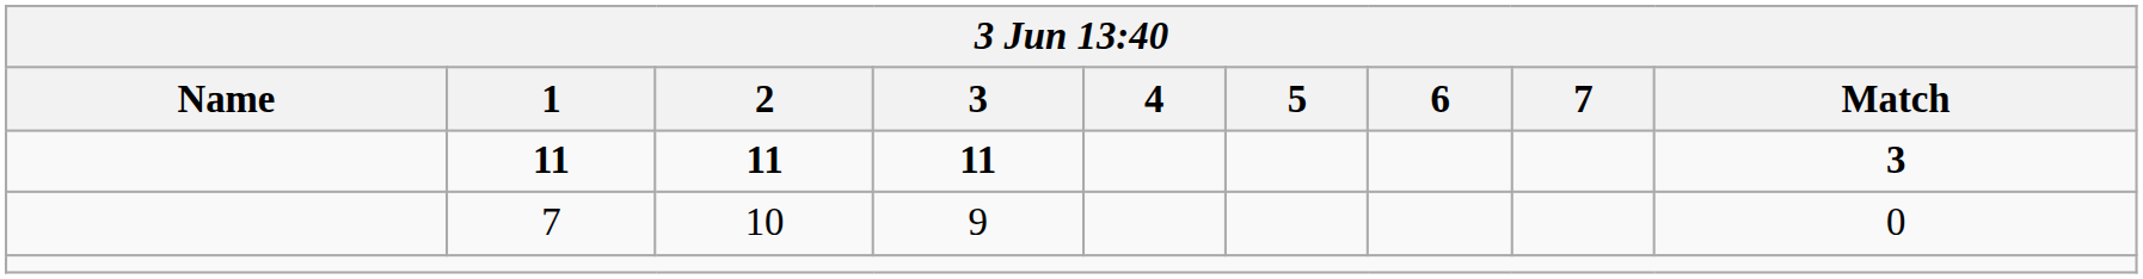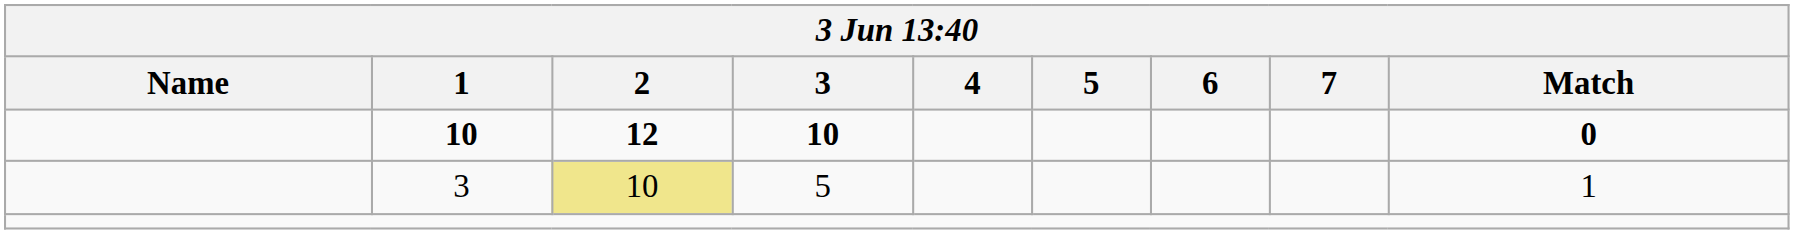 <table class=wikitable style="text-align:center; width: 55%">
 <tr>
 <th colspan=17><em> 3 Jun 13:40</em></th>
 </tr>
 <tr>
 <th>Name</th>
 <th>1</th>
 <th>2</th>
 <th>3</th>
 <th>4</th>
 <th>5</th>
 <th>6</th>
 <th>7</th>
 <th>Match</th>
 </tr>
 <tr>
 <td style="text-align:left;"><strong></strong></td>
-<td><strong>11</strong></td>
-<td><strong>11</strong></td>
-<td><strong>11</strong></td>
+<td><strong>10</strong></td>
+<td><strong>12</strong></td>
+<td><strong>10</strong></td>
 <td></td>
 <td></td>
 <td></td>
 <td></td>
-<td><strong>3</strong></td>
+<td><strong>0</strong></td>
 </tr>
 <tr>
 <td style="text-align:left;"></td>
-<td>7</td>
-<td>10</td>
-<td>9</td>
+<td>3</td>
+<td style="background: khaki;">10</td>
+<td>5</td>
 <td></td>
 <td></td>
 <td></td>
 <td></td>
-<td>0</td>
+<td>1</td>
 </tr>
 <tr>
 <td colspan=17></td>
 </tr>
 </table>
